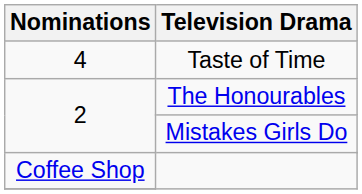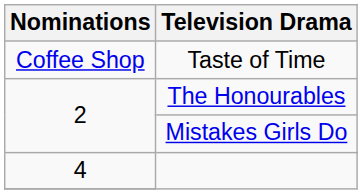 <table class="wikitable" style="text-align:center;">
 <tr>
 <th scope="col" width="55">Nominations</th>
 <th scope="col" align="center">Television Drama</th>
 </tr>
 <tr>
-<td rowspan="1" style="text-align:center;">4</td>
+<td><a href='#'>Coffee Shop</a></td>
 <td>Taste of Time</td>
 </tr>
 <tr>
 <td rowspan="3" style="text-align:center;">2</td>
 <td><a href='#'>The Honourables</a></td>
 </tr>
 <tr>
 <td><a href='#'>Mistakes Girls Do</a></td>
 </tr>
 <tr>
 </tr>
 <tr>
-<td><a href='#'>Coffee Shop</a></td>
+<td rowspan="1" style="text-align:center;">4</td>
 </tr>
 <tr>
 </tr>
 </table>
